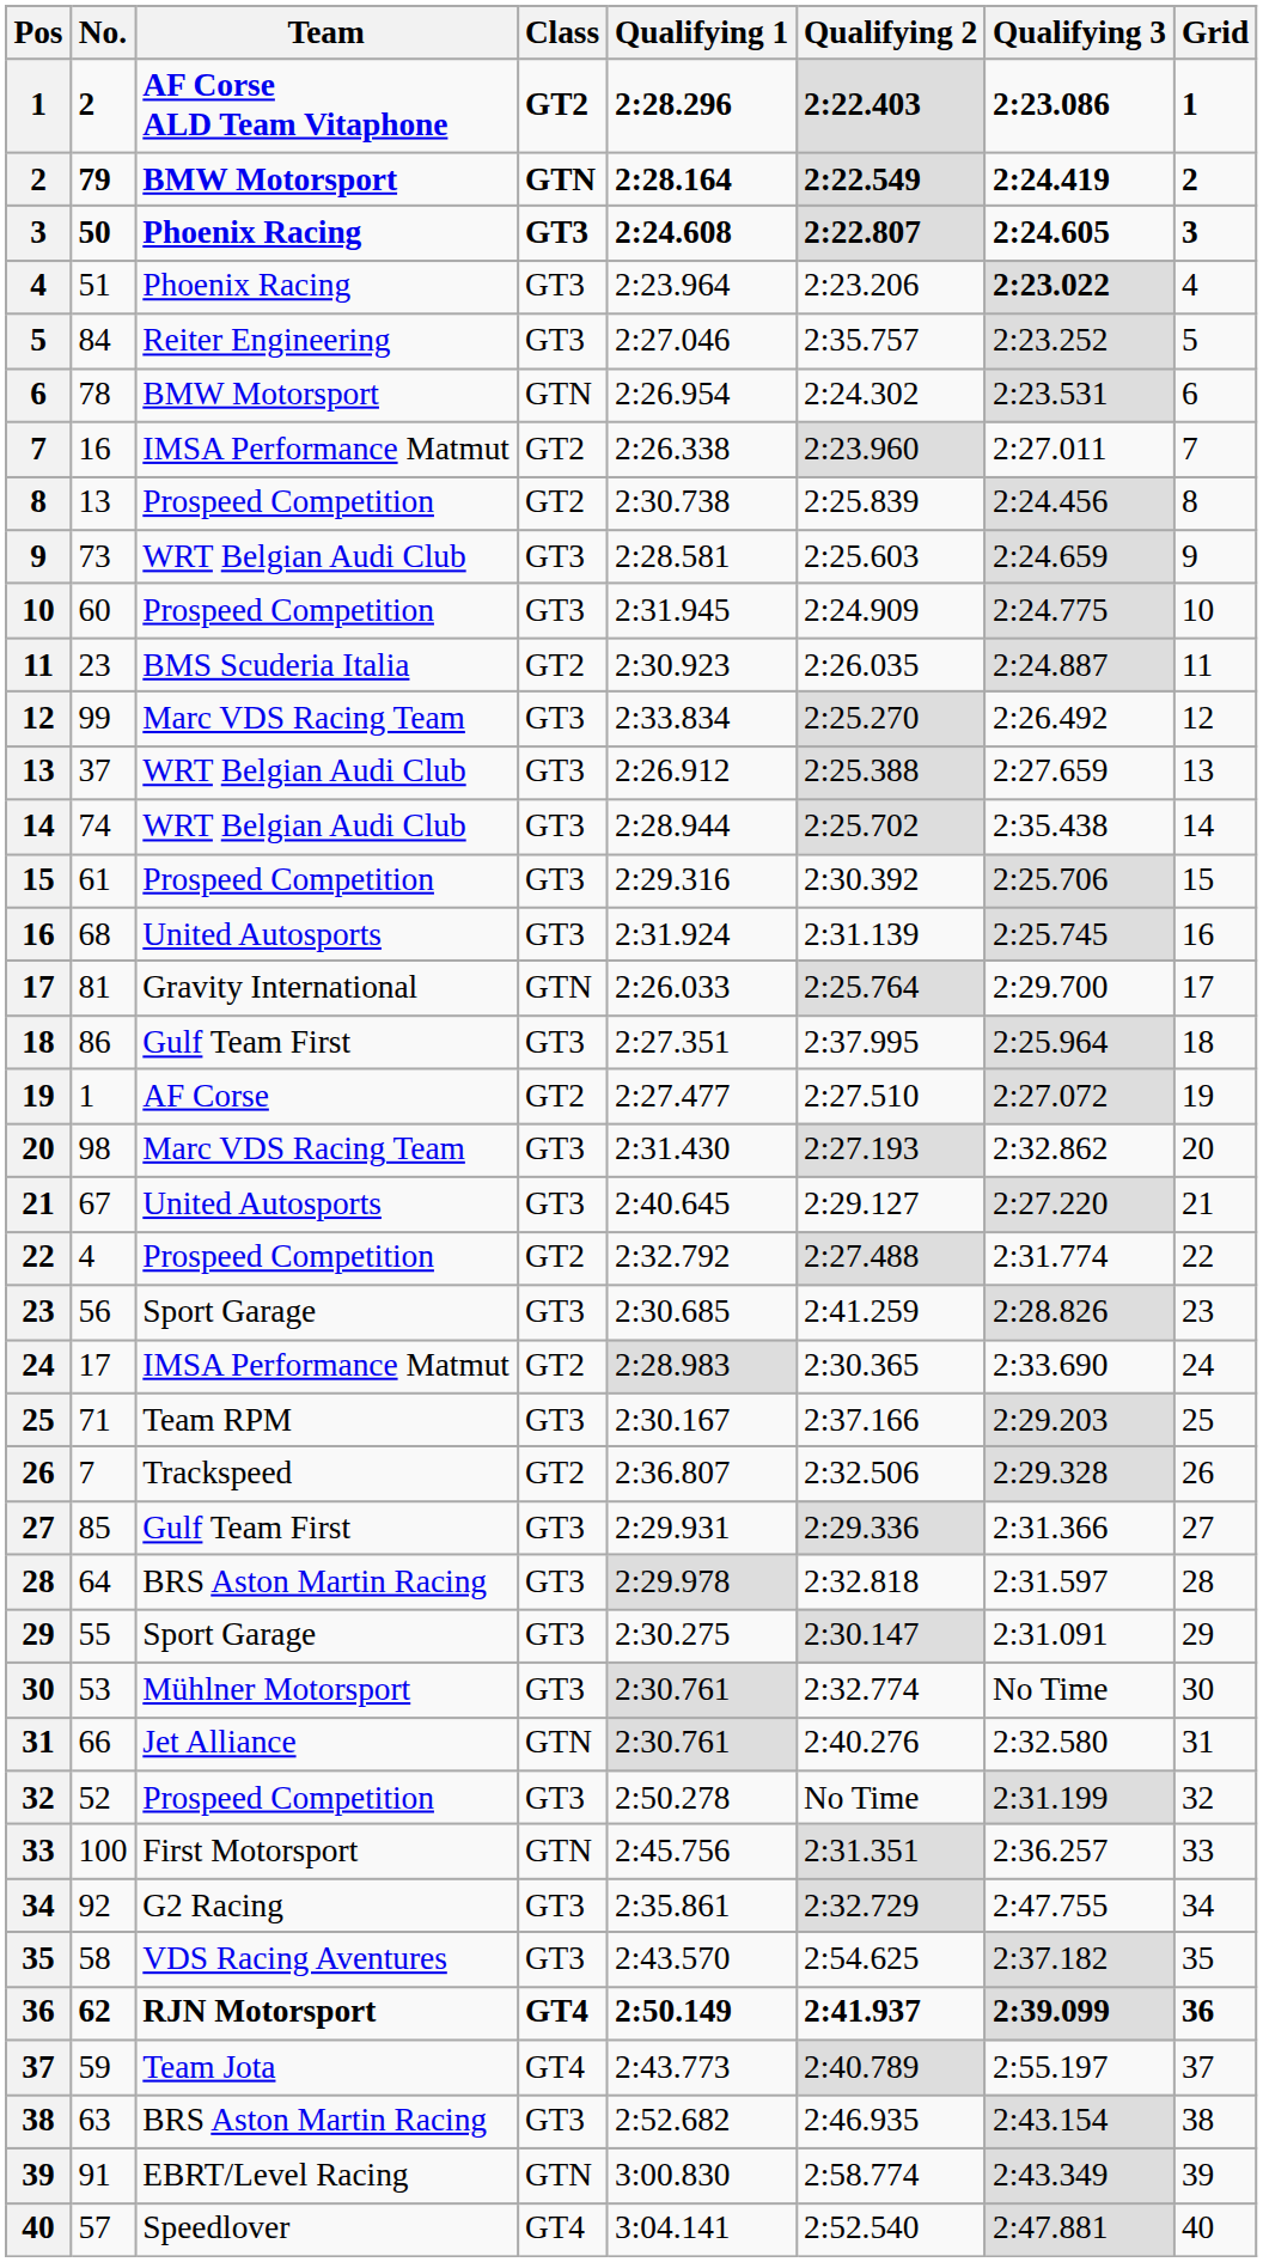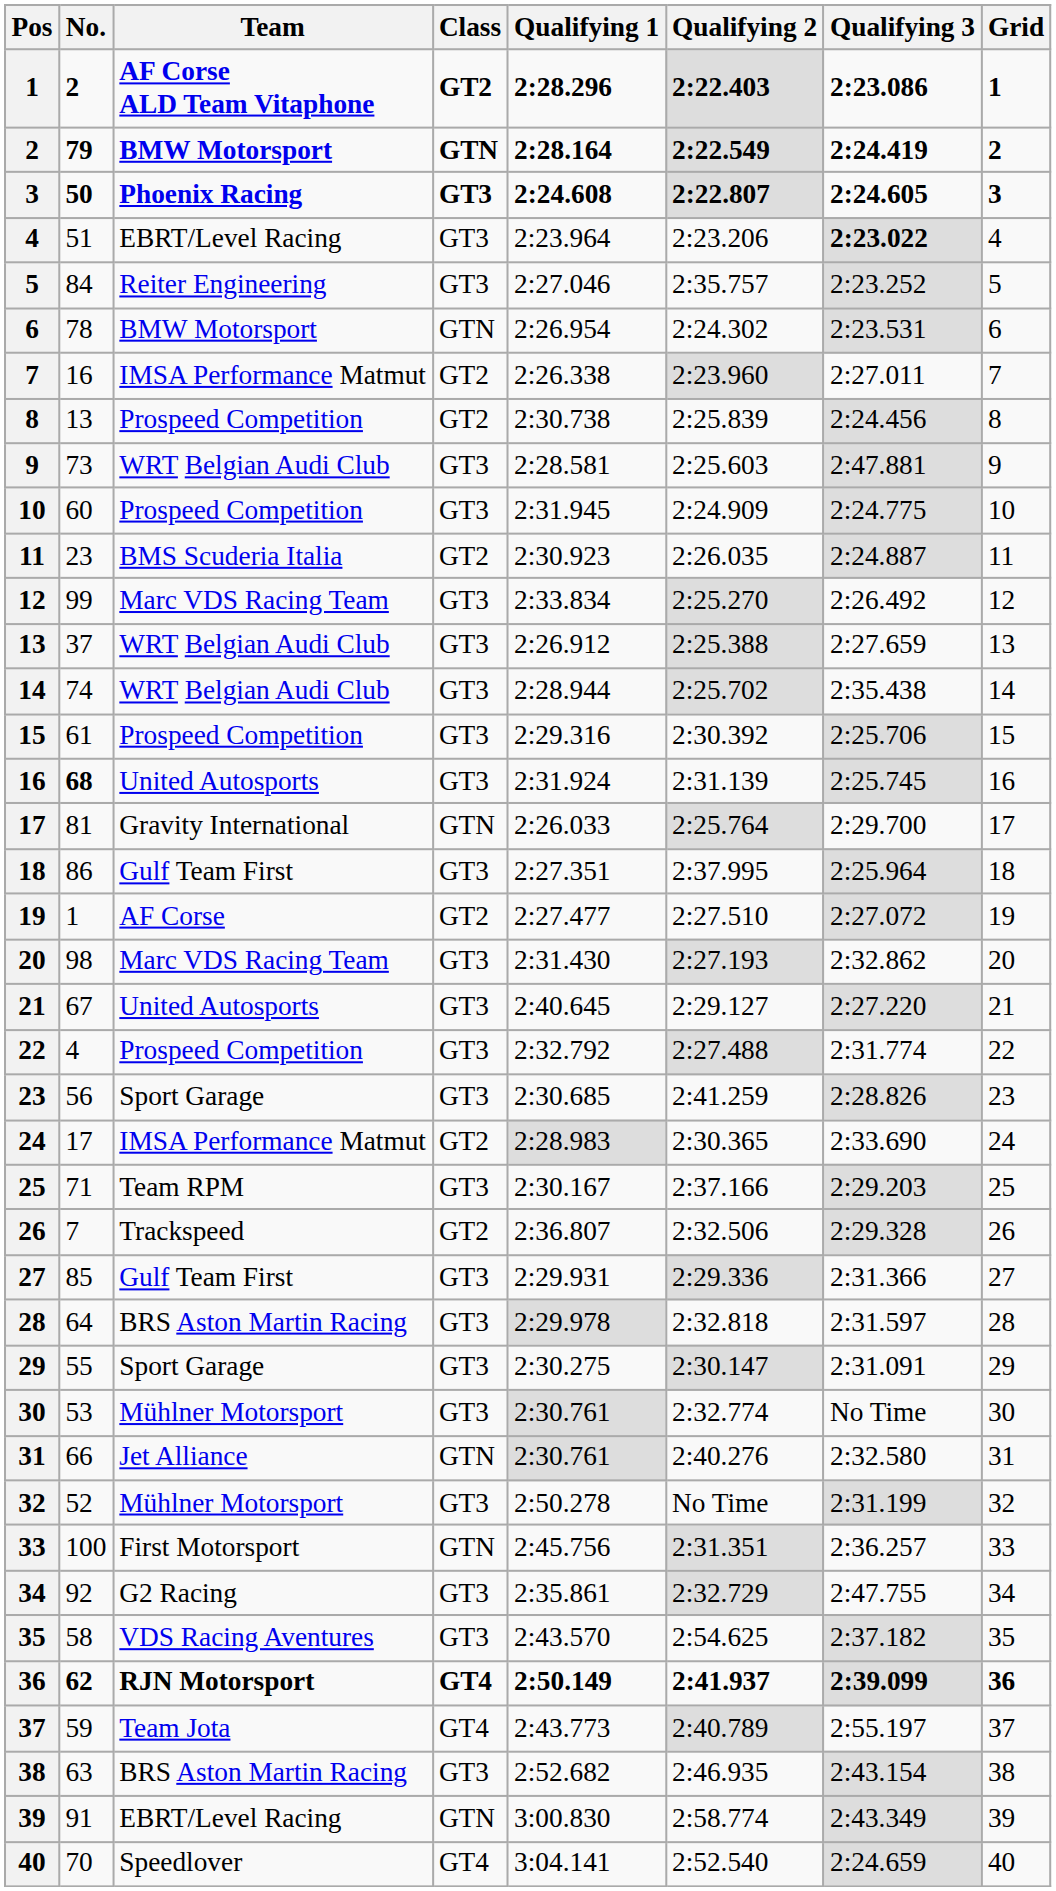 <table class="wikitable" style="font-size: 85%;">
 <tr>
 <th>Pos</th>
 <th>No.</th>
 <th>Team</th>
 <th>Class</th>
 <th>Qualifying 1</th>
 <th>Qualifying 2</th>
 <th>Qualifying 3</th>
 <th>Grid</th>
 </tr>
 <tr style="font-weight:bold">
 <th>1</th>
 <td>2</td>
 <td><a href='#'>AF Corse</a><br><a href='#'>ALD Team Vitaphone</a></td>
 <td>GT2</td>
 <td>2:28.296</td>
 <td style="background:#DDDDDD;">2:22.403</td>
 <td>2:23.086</td>
 <td>1</td>
 </tr>
 <tr style="font-weight:bold">
 <th>2</th>
 <td>79</td>
 <td><a href='#'>BMW Motorsport</a></td>
 <td>GTN</td>
 <td>2:28.164</td>
 <td style="background:#DDDDDD;">2:22.549</td>
 <td>2:24.419</td>
 <td>2</td>
 </tr>
 <tr style="font-weight:bold">
 <th>3</th>
 <td>50</td>
 <td><a href='#'>Phoenix Racing</a></td>
 <td>GT3</td>
 <td>2:24.608</td>
 <td style="background:#DDDDDD;">2:22.807</td>
 <td>2:24.605</td>
 <td>3</td>
 </tr>
 <tr>
 <th>4</th>
 <td>51</td>
-<td><a href='#'>Phoenix Racing</a></td>
+<td>EBRT/Level Racing</td>
 <td>GT3</td>
 <td>2:23.964</td>
 <td>2:23.206</td>
 <td style="background:#DDDDDD;"><strong>2:23.022</strong></td>
 <td>4</td>
 </tr>
 <tr>
 <th>5</th>
 <td>84</td>
 <td><a href='#'>Reiter Engineering</a></td>
 <td>GT3</td>
 <td>2:27.046</td>
 <td>2:35.757</td>
 <td style="background:#DDDDDD;">2:23.252</td>
 <td>5</td>
 </tr>
 <tr>
 <th>6</th>
 <td>78</td>
 <td><a href='#'>BMW Motorsport</a></td>
 <td>GTN</td>
 <td>2:26.954</td>
 <td>2:24.302</td>
 <td style="background:#DDDDDD;">2:23.531</td>
 <td>6</td>
 </tr>
 <tr>
 <th>7</th>
 <td>16</td>
 <td><a href='#'>IMSA Performance</a> Matmut</td>
 <td>GT2</td>
 <td>2:26.338</td>
 <td style="background:#DDDDDD;">2:23.960</td>
 <td>2:27.011</td>
 <td>7</td>
 </tr>
 <tr>
 <th>8</th>
 <td>13</td>
 <td><a href='#'>Prospeed Competition</a></td>
 <td>GT2</td>
 <td>2:30.738</td>
 <td>2:25.839</td>
 <td style="background:#DDDDDD;">2:24.456</td>
 <td>8</td>
 </tr>
 <tr>
 <th>9</th>
 <td>73</td>
 <td><a href='#'>WRT</a> <a href='#'>Belgian Audi Club</a></td>
 <td>GT3</td>
 <td>2:28.581</td>
 <td>2:25.603</td>
-<td style="background:#DDDDDD;">2:24.659</td>
+<td style="background:#DDDDDD;">2:47.881</td>
 <td>9</td>
 </tr>
 <tr>
 <th>10</th>
 <td>60</td>
 <td><a href='#'>Prospeed Competition</a></td>
 <td>GT3</td>
 <td>2:31.945</td>
 <td>2:24.909</td>
 <td style="background:#DDDDDD;">2:24.775</td>
 <td>10</td>
 </tr>
 <tr>
 <th>11</th>
 <td>23</td>
 <td><a href='#'>BMS Scuderia Italia</a></td>
 <td>GT2</td>
 <td>2:30.923</td>
 <td>2:26.035</td>
 <td style="background:#DDDDDD;">2:24.887</td>
 <td>11</td>
 </tr>
 <tr>
 <th>12</th>
 <td>99</td>
 <td><a href='#'>Marc VDS Racing Team</a></td>
 <td>GT3</td>
 <td>2:33.834</td>
 <td style="background:#DDDDDD;">2:25.270</td>
 <td>2:26.492</td>
 <td>12</td>
 </tr>
 <tr>
 <th>13</th>
 <td>37</td>
 <td><a href='#'>WRT</a> <a href='#'>Belgian Audi Club</a></td>
 <td>GT3</td>
 <td>2:26.912</td>
 <td style="background:#DDDDDD;">2:25.388</td>
 <td>2:27.659</td>
 <td>13</td>
 </tr>
 <tr>
 <th>14</th>
 <td>74</td>
 <td><a href='#'>WRT</a> <a href='#'>Belgian Audi Club</a></td>
 <td>GT3</td>
 <td>2:28.944</td>
 <td style="background:#DDDDDD;">2:25.702</td>
 <td>2:35.438</td>
 <td>14</td>
 </tr>
 <tr>
 <th>15</th>
 <td>61</td>
 <td><a href='#'>Prospeed Competition</a></td>
 <td>GT3</td>
 <td>2:29.316</td>
 <td>2:30.392</td>
 <td style="background:#DDDDDD;">2:25.706</td>
 <td>15</td>
 </tr>
 <tr>
 <th>16</th>
-<td>68</td>
+<td><strong>68</strong></td>
 <td><a href='#'>United Autosports</a></td>
 <td>GT3</td>
 <td>2:31.924</td>
 <td>2:31.139</td>
 <td style="background:#DDDDDD;">2:25.745</td>
 <td>16</td>
 </tr>
 <tr>
 <th>17</th>
 <td>81</td>
 <td>Gravity International</td>
 <td>GTN</td>
 <td>2:26.033</td>
 <td style="background:#DDDDDD;">2:25.764</td>
 <td>2:29.700</td>
 <td>17</td>
 </tr>
 <tr>
 <th>18</th>
 <td>86</td>
 <td><a href='#'>Gulf</a> Team First</td>
 <td>GT3</td>
 <td>2:27.351</td>
 <td>2:37.995</td>
 <td style="background:#DDDDDD;">2:25.964</td>
 <td>18</td>
 </tr>
 <tr>
 <th>19</th>
 <td>1</td>
 <td><a href='#'>AF Corse</a></td>
 <td>GT2</td>
 <td>2:27.477</td>
 <td>2:27.510</td>
 <td style="background:#DDDDDD;">2:27.072</td>
 <td>19</td>
 </tr>
 <tr>
 <th>20</th>
 <td>98</td>
 <td><a href='#'>Marc VDS Racing Team</a></td>
 <td>GT3</td>
 <td>2:31.430</td>
 <td style="background:#DDDDDD;">2:27.193</td>
 <td>2:32.862</td>
 <td>20</td>
 </tr>
 <tr>
 <th>21</th>
 <td>67</td>
 <td><a href='#'>United Autosports</a></td>
 <td>GT3</td>
 <td>2:40.645</td>
 <td>2:29.127</td>
 <td style="background:#DDDDDD;">2:27.220</td>
 <td>21</td>
 </tr>
 <tr>
 <th>22</th>
 <td>4</td>
 <td><a href='#'>Prospeed Competition</a></td>
-<td>GT2</td>
+<td>GT3</td>
 <td>2:32.792</td>
 <td style="background:#DDDDDD;">2:27.488</td>
 <td>2:31.774</td>
 <td>22</td>
 </tr>
 <tr>
 <th>23</th>
 <td>56</td>
 <td>Sport Garage</td>
 <td>GT3</td>
 <td>2:30.685</td>
 <td>2:41.259</td>
 <td style="background:#DDDDDD;">2:28.826</td>
 <td>23</td>
 </tr>
 <tr>
 <th>24</th>
 <td>17</td>
 <td><a href='#'>IMSA Performance</a> Matmut</td>
 <td>GT2</td>
 <td style="background:#DDDDDD;">2:28.983</td>
 <td>2:30.365</td>
 <td>2:33.690</td>
 <td>24</td>
 </tr>
 <tr>
 <th>25</th>
 <td>71</td>
 <td>Team RPM</td>
 <td>GT3</td>
 <td>2:30.167</td>
 <td>2:37.166</td>
 <td style="background:#DDDDDD;">2:29.203</td>
 <td>25</td>
 </tr>
 <tr>
 <th>26</th>
 <td>7</td>
 <td>Trackspeed</td>
 <td>GT2</td>
 <td>2:36.807</td>
 <td>2:32.506</td>
 <td style="background:#DDDDDD;">2:29.328</td>
 <td>26</td>
 </tr>
 <tr>
 <th>27</th>
 <td>85</td>
 <td><a href='#'>Gulf</a> Team First</td>
 <td>GT3</td>
 <td>2:29.931</td>
 <td style="background:#DDDDDD;">2:29.336</td>
 <td>2:31.366</td>
 <td>27</td>
 </tr>
 <tr>
 <th>28</th>
 <td>64</td>
 <td>BRS <a href='#'>Aston Martin Racing</a></td>
 <td>GT3</td>
 <td style="background:#DDDDDD;">2:29.978</td>
 <td>2:32.818</td>
 <td>2:31.597</td>
 <td>28</td>
 </tr>
 <tr>
 <th>29</th>
 <td>55</td>
 <td>Sport Garage</td>
 <td>GT3</td>
 <td>2:30.275</td>
 <td style="background:#DDDDDD;">2:30.147</td>
 <td>2:31.091</td>
 <td>29</td>
 </tr>
 <tr>
 <th>30</th>
 <td>53</td>
 <td><a href='#'>Mühlner Motorsport</a></td>
 <td>GT3</td>
 <td style="background:#DDDDDD;">2:30.761</td>
 <td>2:32.774</td>
 <td>No Time</td>
 <td>30</td>
 </tr>
 <tr>
 <th>31</th>
 <td>66</td>
 <td><a href='#'>Jet Alliance</a></td>
 <td>GTN</td>
 <td style="background:#DDDDDD;">2:30.761</td>
 <td>2:40.276</td>
 <td>2:32.580</td>
 <td>31</td>
 </tr>
 <tr>
 <th>32</th>
 <td>52</td>
-<td><a href='#'>Prospeed Competition</a></td>
+<td><a href='#'>Mühlner Motorsport</a></td>
 <td>GT3</td>
 <td>2:50.278</td>
 <td>No Time</td>
 <td style="background:#DDDDDD;">2:31.199</td>
 <td>32</td>
 </tr>
 <tr>
 <th>33</th>
 <td>100</td>
 <td>First Motorsport</td>
 <td>GTN</td>
 <td>2:45.756</td>
 <td style="background:#DDDDDD;">2:31.351</td>
 <td>2:36.257</td>
 <td>33</td>
 </tr>
 <tr>
 <th>34</th>
 <td>92</td>
 <td>G2 Racing</td>
 <td>GT3</td>
 <td>2:35.861</td>
 <td style="background:#DDDDDD;">2:32.729</td>
 <td>2:47.755</td>
 <td>34</td>
 </tr>
 <tr>
 <th>35</th>
 <td>58</td>
 <td><a href='#'>VDS Racing Aventures</a></td>
 <td>GT3</td>
 <td>2:43.570</td>
 <td>2:54.625</td>
 <td style="background:#DDDDDD;">2:37.182</td>
 <td>35</td>
 </tr>
 <tr style="font-weight:bold">
 <th>36</th>
 <td>62</td>
 <td>RJN Motorsport</td>
 <td>GT4</td>
 <td>2:50.149</td>
 <td>2:41.937</td>
 <td style="background:#DDDDDD;">2:39.099</td>
 <td>36</td>
 </tr>
 <tr>
 <th>37</th>
 <td>59</td>
 <td><a href='#'>Team Jota</a></td>
 <td>GT4</td>
 <td>2:43.773</td>
 <td style="background:#DDDDDD;">2:40.789</td>
 <td>2:55.197</td>
 <td>37</td>
 </tr>
 <tr>
 <th>38</th>
 <td>63</td>
 <td>BRS <a href='#'>Aston Martin Racing</a></td>
 <td>GT3</td>
 <td>2:52.682</td>
 <td>2:46.935</td>
 <td style="background:#DDDDDD;">2:43.154</td>
 <td>38</td>
 </tr>
 <tr>
 <th>39</th>
 <td>91</td>
 <td>EBRT/Level Racing</td>
 <td>GTN</td>
 <td>3:00.830</td>
 <td>2:58.774</td>
 <td style="background:#DDDDDD;">2:43.349</td>
 <td>39</td>
 </tr>
 <tr>
 <th>40</th>
-<td>57</td>
+<td>70</td>
 <td>Speedlover</td>
 <td>GT4</td>
 <td>3:04.141</td>
 <td>2:52.540</td>
-<td style="background:#DDDDDD;">2:47.881</td>
+<td style="background:#DDDDDD;">2:24.659</td>
 <td>40</td>
 </tr>
 </table>
